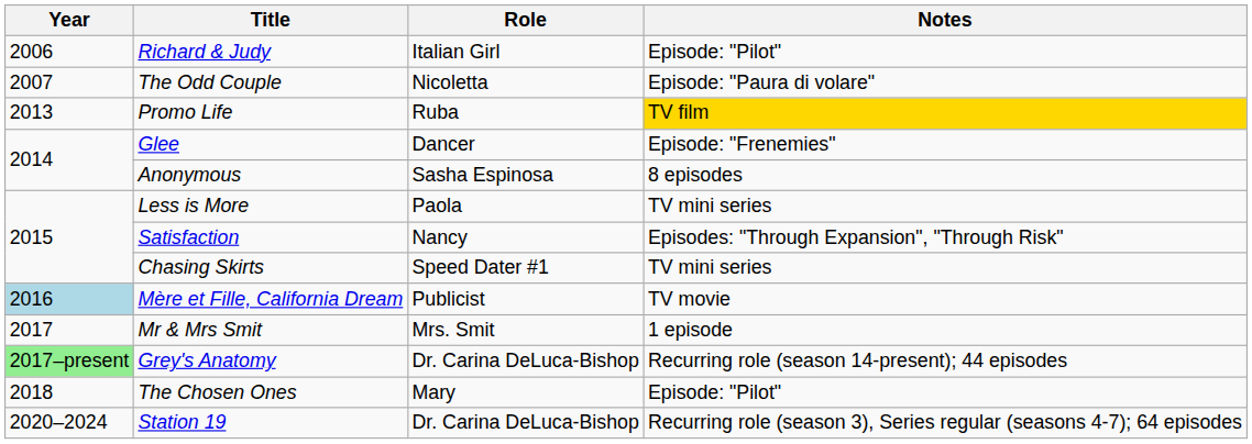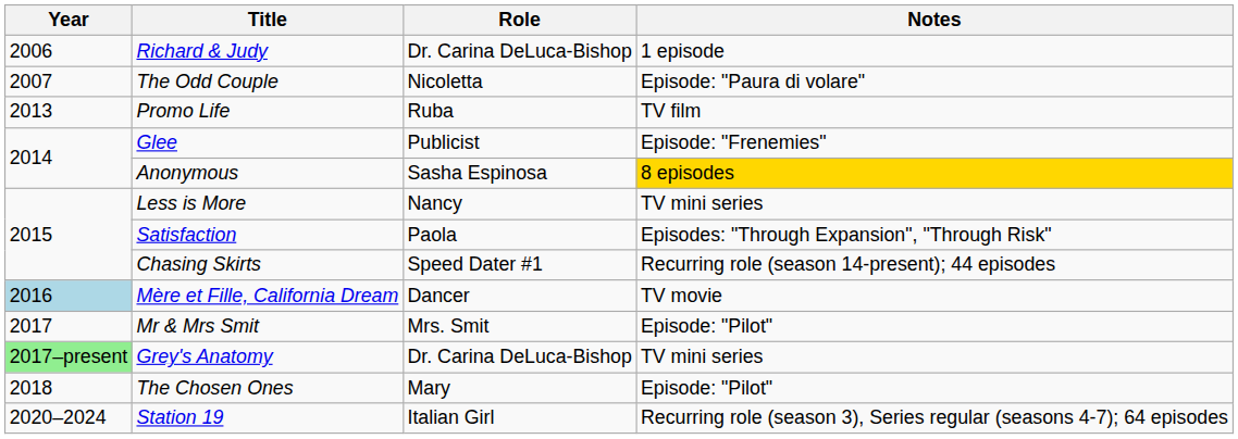 <table class="wikitable">
 <tr>
 <th>Year</th>
 <th>Title</th>
 <th>Role</th>
 <th>Notes</th>
 </tr>
 <tr>
 <td>2006</td>
 <td><em><a href='#'>Richard & Judy</a></em></td>
-<td>Italian Girl</td>
-<td>Episode: "Pilot"</td>
+<td>Dr. Carina DeLuca-Bishop</td>
+<td>1 episode</td>
 </tr>
 <tr>
 <td>2007</td>
 <td><em>The Odd Couple</em></td>
 <td>Nicoletta</td>
 <td>Episode: "Paura di volare"</td>
 </tr>
 <tr>
 <td>2013</td>
 <td><em>Promo Life</em></td>
 <td>Ruba</td>
-<td style="background: gold;">TV film</td>
+<td>TV film</td>
 </tr>
 <tr>
 <td rowspan="2">2014</td>
 <td><em><a href='#'>Glee</a></em></td>
-<td>Dancer</td>
+<td>Publicist</td>
 <td>Episode: "Frenemies"</td>
 </tr>
 <tr>
 <td><em>Anonymous</em></td>
 <td>Sasha Espinosa</td>
-<td>8 episodes</td>
+<td style="background: gold;">8 episodes</td>
 </tr>
 <tr>
 <td rowspan="3">2015</td>
 <td><em>Less is More</em></td>
-<td>Paola</td>
+<td>Nancy</td>
 <td>TV mini series</td>
 </tr>
 <tr>
 <td><em><a href='#'>Satisfaction</a></em></td>
-<td>Nancy</td>
+<td>Paola</td>
 <td>Episodes: "Through Expansion", "Through Risk"</td>
 </tr>
 <tr>
 <td><em>Chasing Skirts</em></td>
 <td>Speed Dater #1</td>
-<td>TV mini series</td>
+<td>Recurring role (season 14-present); 44 episodes</td>
 </tr>
 <tr>
 <td style="background: lightblue;">2016</td>
 <td><em><a href='#'>Mère et Fille, California Dream</a></em></td>
-<td>Publicist</td>
+<td>Dancer</td>
 <td>TV movie</td>
 </tr>
 <tr>
 <td>2017</td>
 <td><em>Mr & Mrs Smit</em></td>
 <td>Mrs. Smit</td>
-<td>1 episode</td>
+<td>Episode: "Pilot"</td>
 </tr>
 <tr>
 <td style="background: lightgreen;">2017–present</td>
 <td><em><a href='#'>Grey's Anatomy</a></em></td>
 <td>Dr. Carina DeLuca-Bishop</td>
-<td>Recurring role (season 14-present); 44 episodes</td>
+<td>TV mini series</td>
 </tr>
 <tr>
 <td>2018</td>
 <td><em>The Chosen Ones</em></td>
 <td>Mary</td>
 <td>Episode: "Pilot"</td>
 </tr>
 <tr>
 <td>2020–2024</td>
 <td><em><a href='#'>Station 19</a></em></td>
-<td>Dr. Carina DeLuca-Bishop</td>
+<td>Italian Girl</td>
 <td>Recurring role (season 3), Series regular (seasons 4-7); 64 episodes</td>
 </tr>
 </table>
